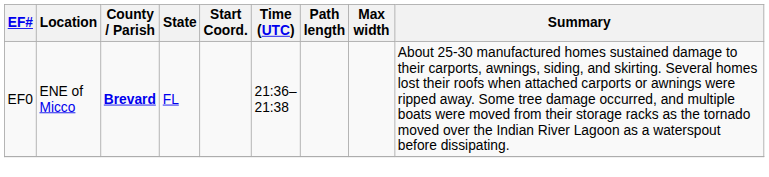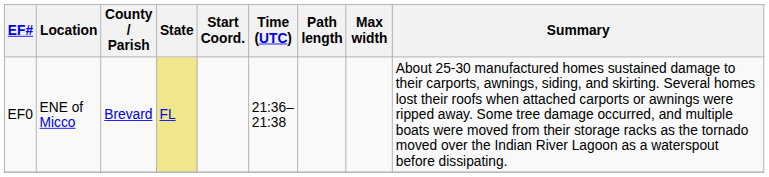 <table class="wikitable sortable" style="width:100%;">
 <tr>
 <th scope="col" style="width:3%; text-align:center;"><a href='#'>EF#</a></th>
 <th scope="col" style="width:7%; text-align:center;" class="unsortable">Location</th>
 <th scope="col" style="width:6%; text-align:center;" class="unsortable">County / Parish</th>
 <th scope="col" style="width:5%; text-align:center;">State</th>
 <th scope="col" style="width:6%; text-align:center;">Start Coord.</th>
 <th scope="col" style="width:6%; text-align:center;">Time (<a href='#'>UTC</a>)</th>
 <th scope="col" style="width:6%; text-align:center;">Path length</th>
 <th scope="col" style="width:6%; text-align:center;">Max width</th>
 <th scope="col" class="unsortable" style="width:48%; text-align:center;">Summary</th>
 </tr>
 <tr>
 <td>EF0</td>
 <td>ENE of <a href='#'>Micco</a></td>
-<td><strong><a href='#'>Brevard</a></strong></td>
-<td><a href='#'>FL</a></td>
+<td><a href='#'>Brevard</a></td>
+<td style="background: khaki;"><a href='#'>FL</a></td>
 <td></td>
 <td>21:36–21:38</td>
 <td></td>
 <td></td>
 <td>About 25-30 manufactured homes sustained damage to their carports, awnings, siding, and skirting. Several homes lost their roofs when attached carports or awnings were ripped away. Some tree damage occurred, and multiple boats were moved from their storage racks as the tornado moved over the Indian River Lagoon as a waterspout before dissipating.</td>
 </tr>
 <tr>
 </tr>
 </table>
